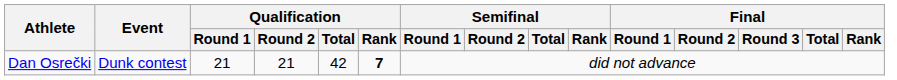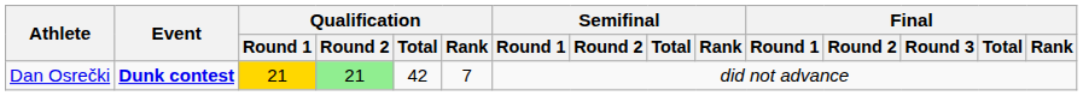 <table class="wikitable" style="font-size:90%;">
 <tr>
 <th rowspan=2>Athlete</th>
 <th rowspan=2>Event</th>
 <th colspan=4>Qualification</th>
 <th colspan=4>Semifinal</th>
 <th colspan=5>Final</th>
 </tr>
 <tr style="font-size:95%">
 <th>Round 1</th>
 <th>Round 2</th>
 <th>Total</th>
 <th>Rank</th>
 <th>Round 1</th>
 <th>Round 2</th>
 <th>Total</th>
 <th>Rank</th>
 <th>Round 1</th>
 <th>Round 2</th>
 <th>Round 3</th>
 <th>Total</th>
 <th>Rank</th>
 </tr>
 <tr align=center>
 <td align=left><a href='#'>Dan Osrečki</a></td>
-<td align=left><a href='#'>Dunk contest</a></td>
-<td>21</td>
-<td>21</td>
+<td align=left><strong><a href='#'>Dunk contest</a></strong></td>
+<td style="background: gold;">21</td>
+<td style="background: lightgreen;">21</td>
 <td>42</td>
-<td><strong>7</strong></td>
+<td>7</td>
 <td colspan=9><em>did not advance</em></td>
 </tr>
 </table>
